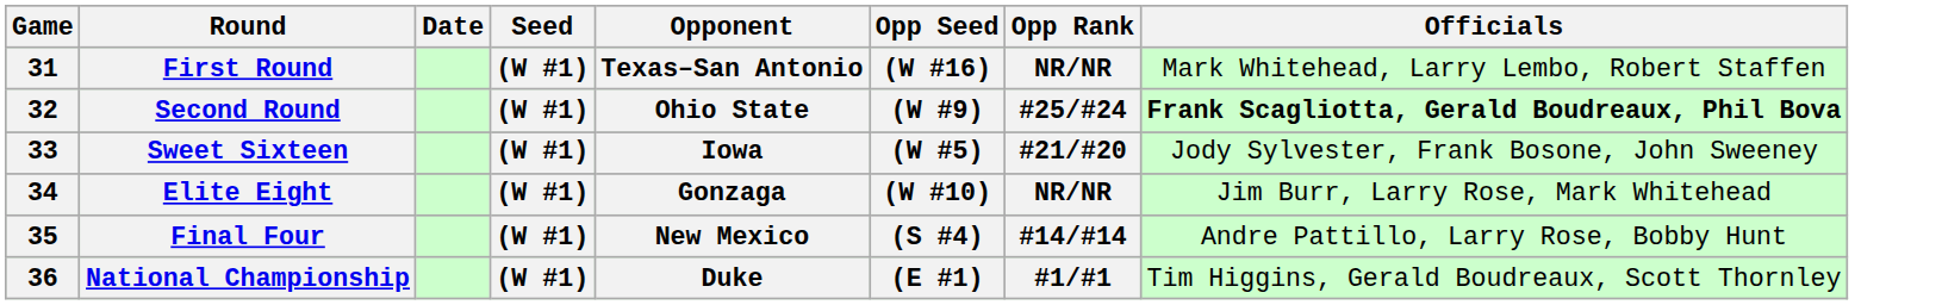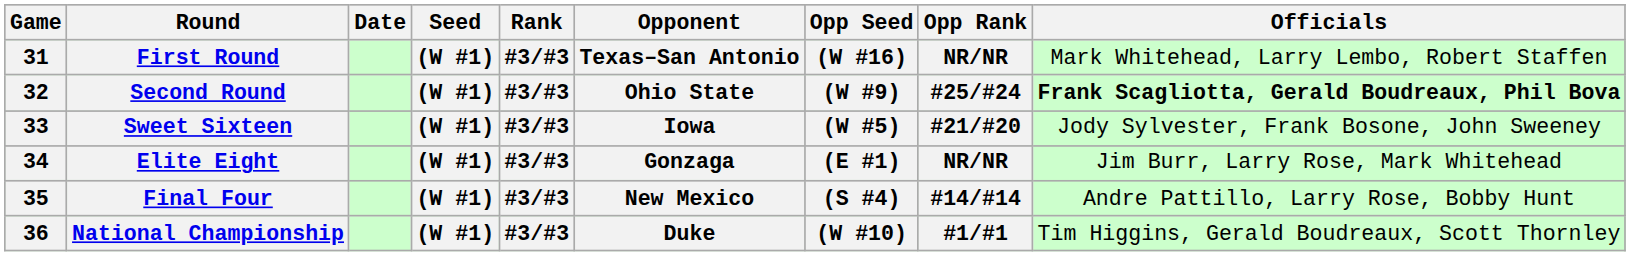 <table class="wikitable">
 <tr>
 <th>Game</th>
 <th>Round</th>
 <th>Date</th>
 <th>Seed</th>
+<th>Rank</th>
 <th>Opponent</th>
 <th>Opp Seed</th>
 <th>Opp Rank</th>
 <th>Officials</th>
 </tr>
 <tr align="center" bgcolor="#ccffcc">
 <th>31</th>
 <th><a href='#'>First Round</a></th>
 <td></td>
 <th>(W #1)</th>
+<th>#3/#3</th>
 <th>Texas–San Antonio</th>
 <th>(W #16)</th>
 <th>NR/NR</th>
 <td>Mark Whitehead, Larry Lembo, Robert Staffen</td>
 </tr>
 <tr align="center" bgcolor="#ccffcc">
 <th>32</th>
 <th><a href='#'>Second Round</a></th>
 <td></td>
 <th>(W #1)</th>
+<th>#3/#3</th>
 <th>Ohio State</th>
 <th>(W #9)</th>
 <th>#25/#24</th>
 <td><strong>Frank Scagliotta, Gerald Boudreaux, Phil Bova</strong></td>
 </tr>
 <tr align="center" bgcolor="#ccffcc">
 <th>33</th>
 <th><a href='#'>Sweet Sixteen</a></th>
 <td></td>
 <th>(W #1)</th>
+<th>#3/#3</th>
 <th>Iowa</th>
 <th>(W #5)</th>
 <th>#21/#20</th>
 <td>Jody Sylvester, Frank Bosone, John Sweeney</td>
 </tr>
 <tr align="center" bgcolor="#ccffcc">
 <th>34</th>
 <th><a href='#'>Elite Eight</a></th>
 <td></td>
 <th>(W #1)</th>
+<th>#3/#3</th>
 <th>Gonzaga</th>
-<th>(W #10)</th>
+<th>(E #1)</th>
 <th>NR/NR</th>
 <td>Jim Burr, Larry Rose, Mark Whitehead</td>
 </tr>
 <tr align="center" bgcolor="#ccffcc">
 <th>35</th>
 <th><a href='#'>Final Four</a></th>
 <td></td>
 <th>(W #1)</th>
+<th>#3/#3</th>
 <th>New Mexico</th>
 <th>(S #4)</th>
 <th>#14/#14</th>
 <td>Andre Pattillo, Larry Rose, Bobby Hunt</td>
 </tr>
 <tr align="center" bgcolor="#ccffcc">
 <th>36</th>
 <th><a href='#'>National Championship</a></th>
 <td></td>
 <th>(W #1)</th>
+<th>#3/#3</th>
 <th>Duke</th>
-<th>(E #1)</th>
+<th>(W #10)</th>
 <th>#1/#1</th>
 <td>Tim Higgins, Gerald Boudreaux, Scott Thornley</td>
 </tr>
 </table>
